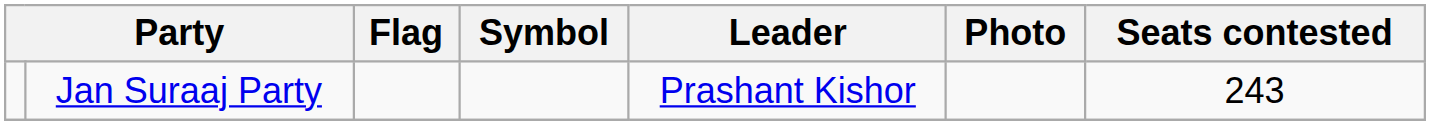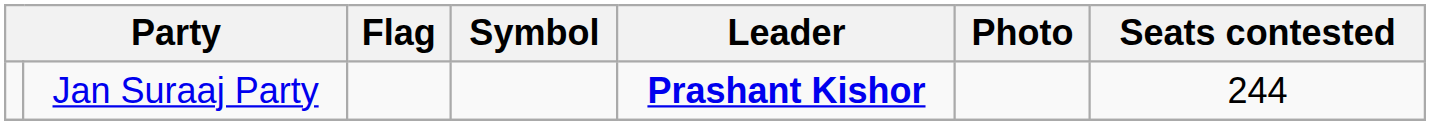 <table class="wikitable" width="50%" style="text-align:center;">
 <tr>
 <th colspan="2">Party</th>
 <th>Flag</th>
 <th>Symbol</th>
 <th>Leader</th>
 <th>Photo</th>
 <th>Seats contested</th>
 </tr>
 <tr>
 <td></td>
 <td><a href='#'>Jan Suraaj Party</a></td>
 <td></td>
 <td></td>
-<td><a href='#'>Prashant Kishor</a></td>
+<td><strong><a href='#'>Prashant Kishor</a></strong></td>
 <td></td>
-<td>243</td>
+<td>244</td>
 </tr>
 <tr>
 </tr>
 </table>
